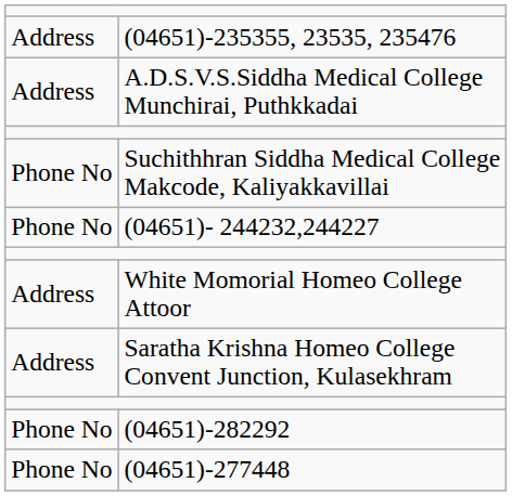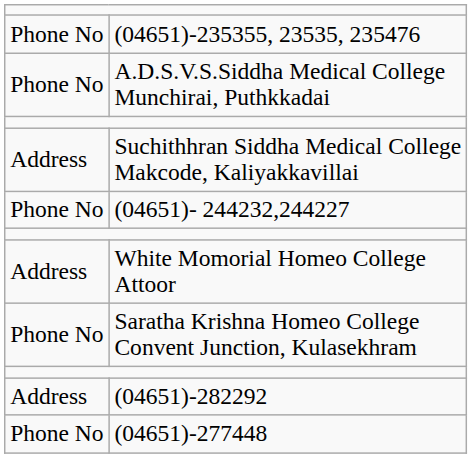 <table class="wikitable">
 <tr>
 <td colspan="2"><strong><em></em></strong></td>
 </tr>
 <tr>
-<td>Address</td>
+<td>Phone No</td>
 <td>(04651)-235355, 23535, 235476</td>
 </tr>
 <tr>
-<td>Address</td>
+<td>Phone No</td>
 <td>A.D.S.V.S.Siddha Medical College<br>Munchirai, Puthkkadai</td>
 </tr>
 <tr>
 <td colspan="2"><strong><em></em></strong></td>
 </tr>
 <tr>
-<td>Phone No</td>
+<td>Address</td>
 <td>Suchithhran Siddha Medical College<br>Makcode, Kaliyakkavillai</td>
 </tr>
 <tr>
 <td>Phone No</td>
 <td>(04651)- 244232,244227</td>
 </tr>
 <tr>
 <td colspan="2"><strong></strong></td>
 </tr>
 <tr>
 <td>Address</td>
 <td>White Momorial Homeo College<br>Attoor</td>
 </tr>
 <tr>
-<td>Address</td>
+<td>Phone No</td>
 <td>Saratha Krishna Homeo College<br>Convent Junction, Kulasekhram</td>
 </tr>
 <tr>
 <td colspan="2"><strong><em></em></strong></td>
 </tr>
 <tr>
-<td>Phone No</td>
+<td>Address</td>
 <td>(04651)-282292</td>
 </tr>
 <tr>
 <td>Phone No</td>
 <td>(04651)-277448</td>
 </tr>
 </table>
